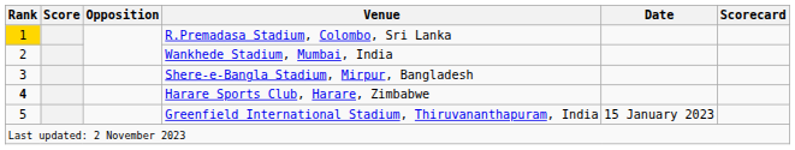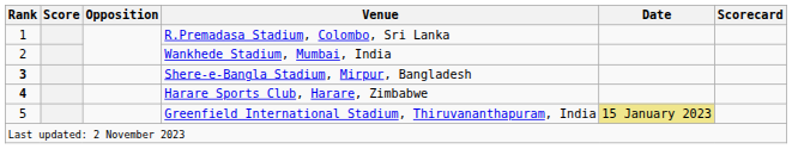 <table class="wikitable sortable">
 <tr>
 <th scope=col>Rank</th>
 <th scope=col>Score</th>
 <th scope=col>Opposition</th>
 <th scope=col>Venue</th>
 <th scope=col>Date</th>
 <th scope=col>Scorecard</th>
 </tr>
 <tr>
-<td align=center style="background: gold;">1</td>
+<td align=center>1</td>
 <th scope=row style=text-align:center;></th>
 <td rowspan=2></td>
 <td><a href='#'>R.Premadasa Stadium</a>, <a href='#'>Colombo</a>, Sri Lanka</td>
 <td></td>
 <td></td>
 </tr>
 <tr>
 <td align=center>2</td>
 <th scope=row style=text-align:center;></th>
 <td><a href='#'>Wankhede Stadium</a>, <a href='#'>Mumbai</a>, India</td>
 <td> </td>
 <td></td>
 </tr>
 <tr>
-<td align=center>3</td>
+<td align=center><strong>3</strong></td>
 <th scope=row style=text-align:center;></th>
 <td></td>
 <td><a href='#'>Shere-e-Bangla Stadium</a>, <a href='#'>Mirpur</a>, Bangladesh</td>
 <td></td>
 <td></td>
 </tr>
 <tr>
 <td align=center><strong>4</strong></td>
 <th scope=row style=text-align:center;></th>
 <td></td>
 <td><a href='#'>Harare Sports Club</a>, <a href='#'>Harare</a>, Zimbabwe</td>
 <td></td>
 <td></td>
 </tr>
 <tr>
 <td align=center>5</td>
 <th scope=row style=text-align:center;></th>
 <td></td>
 <td><a href='#'>Greenfield International Stadium</a>, <a href='#'>Thiruvananthapuram</a>, India</td>
-<td>15 January 2023</td>
+<td style="background: khaki;">15 January 2023</td>
 <td></td>
 </tr>
 <tr class=sortbottom>
 <td colspan=6><small>Last updated: 2 November 2023</small></td>
 </tr>
 </table>
